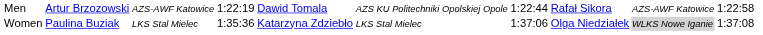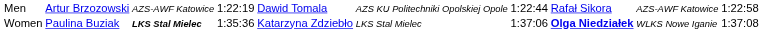 <table>
 <tr>
 <td>Men</td>
 <td><a href='#'>Artur Brzozowski</a></td>
 <td><small><em>AZS-AWF Katowice</em></small></td>
 <td>1:22:19</td>
 <td><a href='#'>Dawid Tomala</a></td>
 <td><small><em>AZS KU Politechniki Opolskiej Opole</em></small></td>
 <td>1:22:44</td>
 <td><a href='#'>Rafał Sikora</a></td>
 <td><small><em>AZS-AWF Katowice</em></small></td>
 <td>1:22:58</td>
 </tr>
 <tr>
 <td>Women</td>
 <td><a href='#'>Paulina Buziak</a></td>
-<td><small><em>LKS Stal Mielec</em></small></td>
+<td><strong><small><em>LKS Stal Mielec</em></small></strong></td>
 <td>1:35:36</td>
 <td><a href='#'>Katarzyna Zdziebło</a></td>
 <td><small><em>LKS Stal Mielec</em></small></td>
 <td>1:37:06</td>
-<td><a href='#'>Olga Niedziałek</a></td>
-<td style="background: lightgrey;"><small><em>WLKS Nowe Iganie</em></small></td>
+<td><strong><a href='#'>Olga Niedziałek</a></strong></td>
+<td><small><em>WLKS Nowe Iganie</em></small></td>
 <td>1:37:08</td>
 </tr>
 </table>
